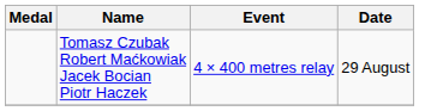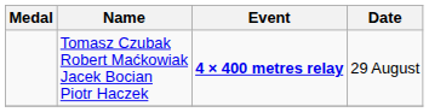 <table class="wikitable" style="font-size:90%">
 <tr>
 <th>Medal</th>
 <th>Name</th>
 <th>Event</th>
 <th>Date</th>
 </tr>
 <tr>
 <td></td>
 <td><a href='#'>Tomasz Czubak</a><br><a href='#'>Robert Maćkowiak</a><br><a href='#'>Jacek Bocian</a><br><a href='#'>Piotr Haczek</a></td>
-<td><a href='#'>4 × 400 metres relay</a></td>
+<td><strong><a href='#'>4 × 400 metres relay</a></strong></td>
 <td>29 August</td>
 </tr>
 <tr>
 </tr>
 </table>
